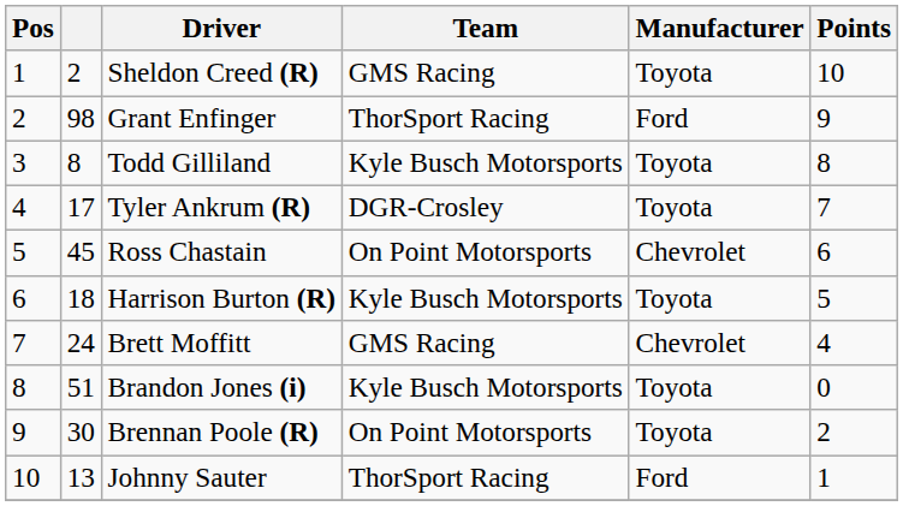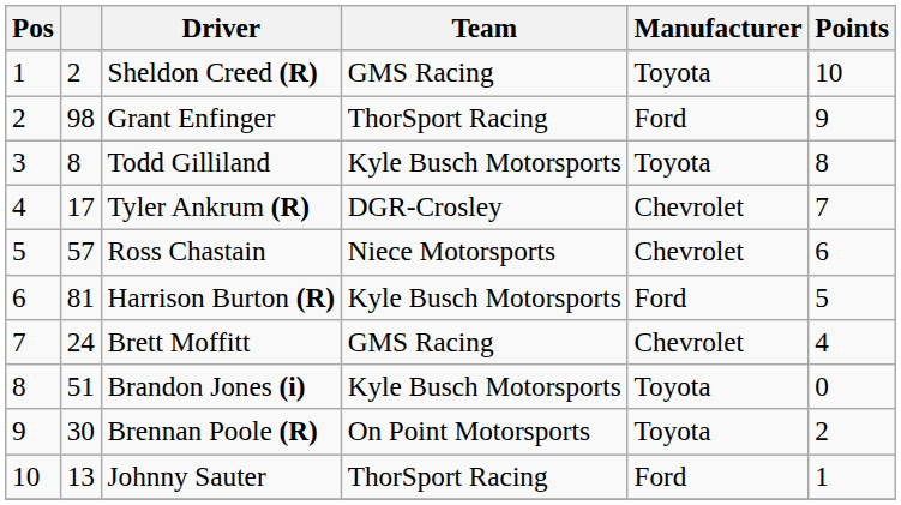 <table class="wikitable" style="font-size:98%">
 <tr>
 <th>Pos</th>
 <th></th>
 <th>Driver</th>
 <th>Team</th>
 <th>Manufacturer</th>
 <th>Points</th>
 </tr>
 <tr>
 <td>1</td>
 <td>2</td>
 <td>Sheldon Creed <strong>(R)</strong></td>
 <td>GMS Racing</td>
 <td>Toyota</td>
 <td>10</td>
 </tr>
 <tr>
 <td>2</td>
 <td>98</td>
 <td>Grant Enfinger</td>
 <td>ThorSport Racing</td>
 <td>Ford</td>
 <td>9</td>
 </tr>
 <tr>
 <td>3</td>
 <td>8</td>
 <td>Todd Gilliland</td>
 <td>Kyle Busch Motorsports</td>
 <td>Toyota</td>
 <td>8</td>
 </tr>
 <tr>
 <td>4</td>
 <td>17</td>
 <td>Tyler Ankrum <strong>(R)</strong></td>
 <td>DGR-Crosley</td>
-<td>Toyota</td>
+<td>Chevrolet</td>
 <td>7</td>
 </tr>
 <tr>
 <td>5</td>
-<td>45</td>
+<td>57</td>
 <td>Ross Chastain</td>
-<td>On Point Motorsports</td>
+<td>Niece Motorsports</td>
 <td>Chevrolet</td>
 <td>6</td>
 </tr>
 <tr>
 <td>6</td>
-<td>18</td>
+<td>81</td>
 <td>Harrison Burton <strong>(R)</strong></td>
 <td>Kyle Busch Motorsports</td>
-<td>Toyota</td>
+<td>Ford</td>
 <td>5</td>
 </tr>
 <tr>
 <td>7</td>
 <td>24</td>
 <td>Brett Moffitt</td>
 <td>GMS Racing</td>
 <td>Chevrolet</td>
 <td>4</td>
 </tr>
 <tr>
 <td>8</td>
 <td>51</td>
 <td>Brandon Jones <strong>(i)</strong></td>
 <td>Kyle Busch Motorsports</td>
 <td>Toyota</td>
 <td>0</td>
 </tr>
 <tr>
 <td>9</td>
 <td>30</td>
 <td>Brennan Poole <strong>(R)</strong></td>
 <td>On Point Motorsports</td>
 <td>Toyota</td>
 <td>2</td>
 </tr>
 <tr>
 <td>10</td>
 <td>13</td>
 <td>Johnny Sauter</td>
 <td>ThorSport Racing</td>
 <td>Ford</td>
 <td>1</td>
 </tr>
 <tr>
 </tr>
 </table>
